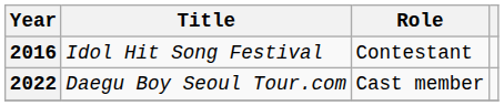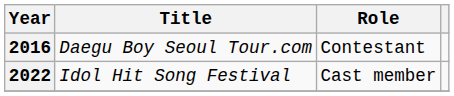 <table class="wikitable plainrowheaders">
 <tr>
 <th scope="col">Year</th>
 <th scope="col">Title</th>
 <th scope="col">Role</th>
 <th scope="col" class="unsortable"></th>
 </tr>
 <tr>
 <th scope="row">2016</th>
-<td><em>Idol Hit Song Festival</em></td>
+<td><em>Daegu Boy Seoul Tour.com</em></td>
 <td>Contestant</td>
 <td></td>
 </tr>
 <tr>
 <th scope="row">2022</th>
-<td><em>Daegu Boy Seoul Tour.com</em></td>
+<td><em>Idol Hit Song Festival</em></td>
 <td>Cast member</td>
 <td></td>
 </tr>
 <tr>
 </tr>
 </table>
